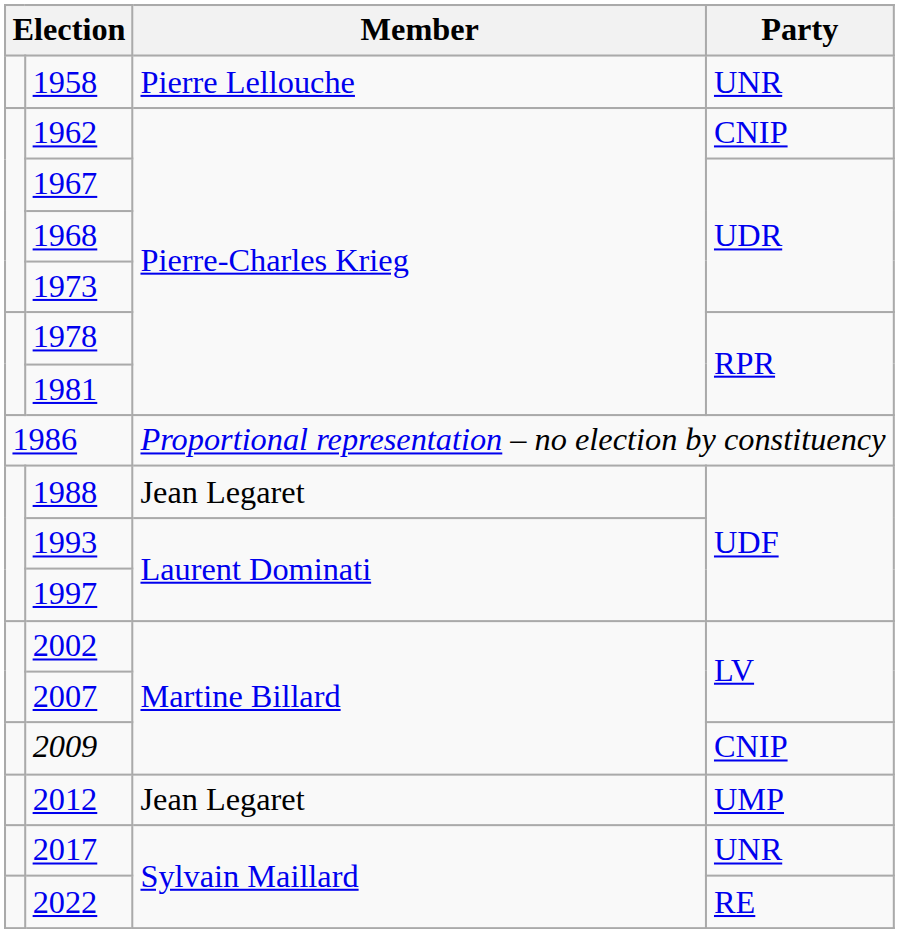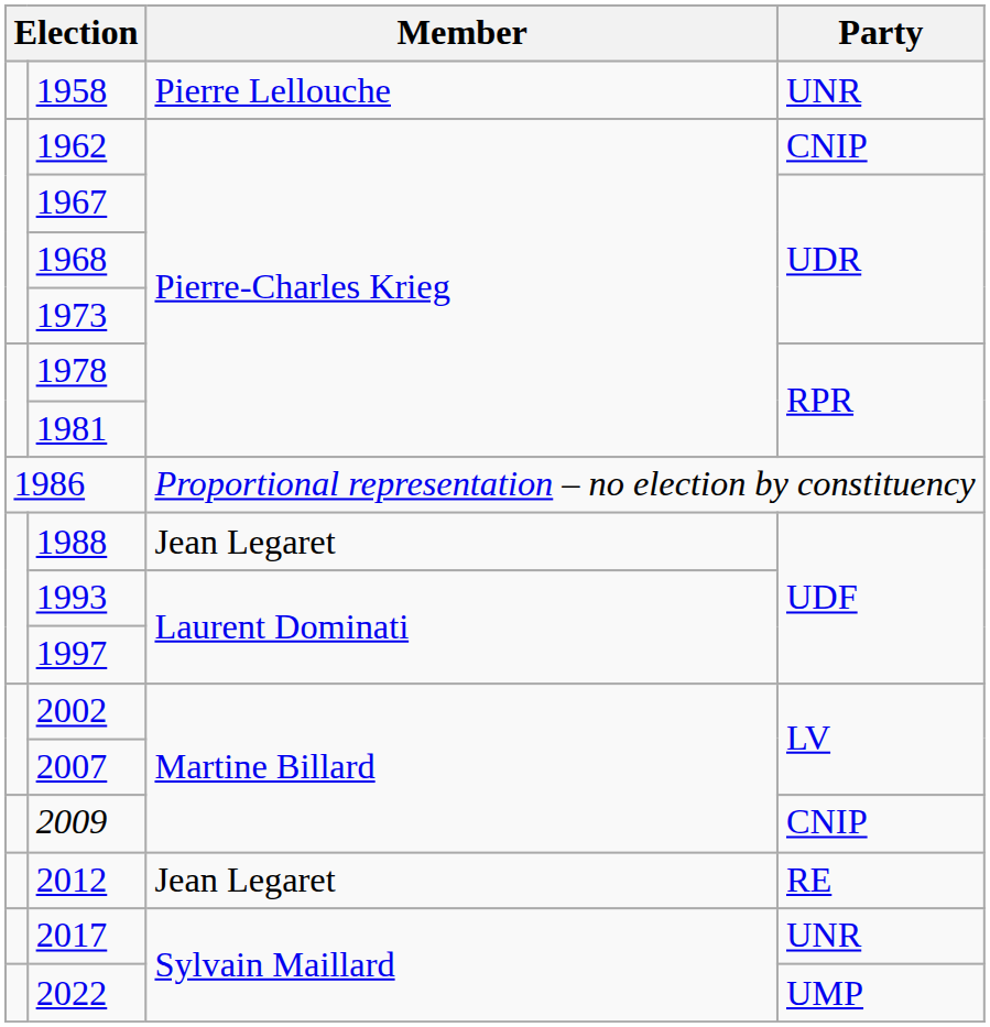 <table class="wikitable">
 <tr>
 <th colspan="2">Election</th>
 <th>Member</th>
 <th>Party</th>
 </tr>
 <tr>
 <td style="color:inherit;background:"></td>
 <td><a href='#'>1958</a></td>
 <td><a href='#'>Pierre Lellouche</a></td>
 <td><a href='#'>UNR</a></td>
 </tr>
 <tr>
 <td rowspan="4" style="color:inherit;background:"></td>
 <td><a href='#'>1962</a></td>
 <td rowspan="6"><a href='#'>Pierre-Charles Krieg</a></td>
 <td><a href='#'>CNIP</a></td>
 </tr>
 <tr>
 <td><a href='#'>1967</a></td>
 <td rowspan="3"><a href='#'>UDR</a></td>
 </tr>
 <tr>
 <td><a href='#'>1968</a></td>
 </tr>
 <tr>
 <td><a href='#'>1973</a></td>
 </tr>
 <tr>
 <td rowspan="2" style="color:inherit;background:"></td>
 <td><a href='#'>1978</a></td>
 <td rowspan="2"><a href='#'>RPR</a></td>
 </tr>
 <tr>
 <td><a href='#'>1981</a></td>
 </tr>
 <tr>
 <td colspan="2"><a href='#'>1986</a></td>
 <td colspan="2"><em><a href='#'>Proportional representation</a> – no election by constituency</em></td>
 </tr>
 <tr>
 <td rowspan="3" style="color:inherit;background:"></td>
 <td><a href='#'>1988</a></td>
 <td>Jean Legaret</td>
 <td rowspan="3"><a href='#'>UDF</a></td>
 </tr>
 <tr>
 <td><a href='#'>1993</a></td>
 <td rowspan="2"><a href='#'>Laurent Dominati</a></td>
 </tr>
 <tr>
 <td><a href='#'>1997</a></td>
 </tr>
 <tr>
 <td rowspan="2" style="color:inherit;background:"></td>
 <td><a href='#'>2002</a></td>
 <td rowspan="3"><a href='#'>Martine Billard</a></td>
 <td rowspan="2"><a href='#'>LV</a></td>
 </tr>
 <tr>
 <td><a href='#'>2007</a></td>
 </tr>
 <tr>
 <td style="color:inherit;background:"></td>
 <td><em>2009</em></td>
 <td><a href='#'>CNIP</a></td>
 </tr>
 <tr>
 <td style="color:inherit;background-color: "></td>
 <td><a href='#'>2012</a></td>
 <td>Jean Legaret</td>
-<td><a href='#'>UMP</a></td>
+<td><a href='#'>RE</a></td>
 </tr>
 <tr>
 <td style="color:inherit;background:"></td>
 <td><a href='#'>2017</a></td>
 <td rowspan="2"><a href='#'>Sylvain Maillard</a></td>
 <td><a href='#'>UNR</a></td>
 </tr>
 <tr>
 <td style="color:inherit;background:"></td>
 <td><a href='#'>2022</a></td>
-<td><a href='#'>RE</a></td>
+<td><a href='#'>UMP</a></td>
 </tr>
 </table>
